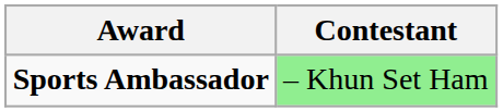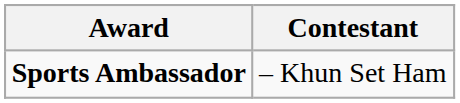 <table class="wikitable sortable" style="font-size:85%">
 <tr>
 <th>Award</th>
 <th>Contestant</th>
 </tr>
 <tr>
 <td><strong>Sports Ambassador</strong></td>
-<td style="background: lightgreen;"><strong></strong> – Khun Set Ham</td>
+<td><strong></strong> – Khun Set Ham</td>
 </tr>
 </table>
